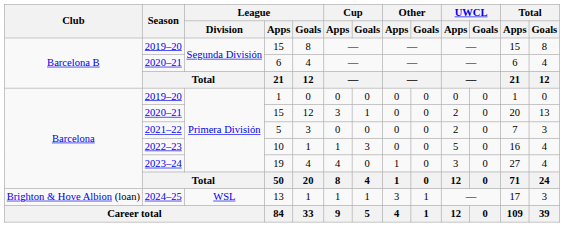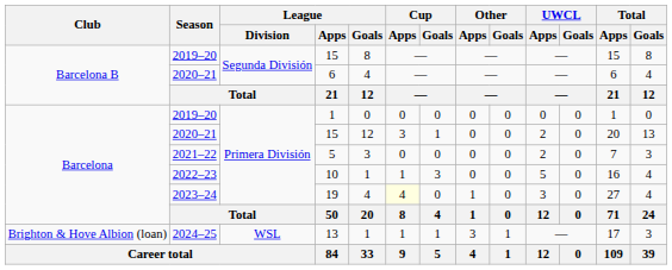 <table class="wikitable" style="text-align: center;">
 <tr>
 <th rowspan="2">Club</th>
 <th rowspan="2">Season</th>
 <th colspan="3">League</th>
 <th colspan="2">Cup</th>
 <th colspan="2">Other</th>
 <th colspan="2"><a href='#'>UWCL</a></th>
 <th colspan="2">Total</th>
 </tr>
 <tr>
 <th>Division</th>
 <th>Apps</th>
 <th>Goals</th>
 <th>Apps</th>
 <th>Goals</th>
 <th>Apps</th>
 <th>Goals</th>
 <th>Apps</th>
 <th>Goals</th>
 <th>Apps</th>
 <th>Goals</th>
 </tr>
 <tr>
 <td rowspan="3" valign="center"><a href='#'>Barcelona B</a></td>
 <td><a href='#'>2019–20</a></td>
 <td rowspan="2" valign="center"><a href='#'>Segunda División</a></td>
 <td>15</td>
 <td>8</td>
 <td colspan="2">—</td>
 <td colspan="2">—</td>
 <td colspan="2">—</td>
 <td>15</td>
 <td>8</td>
 </tr>
 <tr>
 <td><a href='#'>2020–21</a></td>
 <td>6</td>
 <td>4</td>
 <td colspan="2">—</td>
 <td colspan="2">—</td>
 <td colspan="2">—</td>
 <td>6</td>
 <td>4</td>
 </tr>
 <tr>
 <th colspan="2">Total</th>
 <th>21</th>
 <th>12</th>
 <th colspan="2">—</th>
 <th colspan="2">—</th>
 <th colspan="2">—</th>
 <th>21</th>
 <th>12</th>
 </tr>
 <tr>
 <td rowspan="6" valign="center"><a href='#'>Barcelona</a></td>
 <td><a href='#'>2019–20</a></td>
 <td rowspan="5" valign="center"><a href='#'>Primera División</a></td>
 <td>1</td>
 <td>0</td>
 <td>0</td>
 <td>0</td>
 <td>0</td>
 <td>0</td>
 <td>0</td>
 <td>0</td>
 <td>1</td>
 <td>0</td>
 </tr>
 <tr>
 <td><a href='#'>2020–21</a></td>
 <td>15</td>
 <td>12</td>
 <td>3</td>
 <td>1</td>
 <td>0</td>
 <td>0</td>
 <td>2</td>
 <td>0</td>
 <td>20</td>
 <td>13</td>
 </tr>
 <tr>
 <td><a href='#'>2021–22</a></td>
 <td>5</td>
 <td>3</td>
 <td>0</td>
 <td>0</td>
 <td>0</td>
 <td>0</td>
 <td>2</td>
 <td>0</td>
 <td>7</td>
 <td>3</td>
 </tr>
 <tr>
 <td><a href='#'>2022–23</a></td>
 <td>10</td>
 <td>1</td>
 <td>1</td>
 <td>3</td>
 <td>0</td>
 <td>0</td>
 <td>5</td>
 <td>0</td>
 <td>16</td>
 <td>4</td>
 </tr>
 <tr>
 <td><a href='#'>2023–24</a></td>
 <td>19</td>
 <td>4</td>
-<td>4</td>
+<td style="background: lightyellow;">4</td>
 <td>0</td>
 <td>1</td>
 <td>0</td>
 <td>3</td>
 <td>0</td>
 <td>27</td>
 <td>4</td>
 </tr>
 <tr>
 <th colspan="2">Total</th>
 <th>50</th>
 <th>20</th>
 <th>8</th>
 <th>4</th>
 <th>1</th>
 <th>0</th>
 <th>12</th>
 <th>0</th>
 <th>71</th>
 <th>24</th>
 </tr>
 <tr>
 <td><a href='#'>Brighton & Hove Albion</a> (loan)</td>
 <td><a href='#'>2024–25</a></td>
 <td><a href='#'>WSL</a></td>
 <td>13</td>
 <td>1</td>
 <td>1</td>
 <td>1</td>
 <td>3</td>
 <td>1</td>
 <td colspan="2">—</td>
 <td>17</td>
 <td>3</td>
 </tr>
 <tr>
 <th colspan="3">Career total</th>
 <th>84</th>
 <th>33</th>
 <th>9</th>
 <th>5</th>
 <th>4</th>
 <th>1</th>
 <th>12</th>
 <th>0</th>
 <th>109</th>
 <th>39</th>
 </tr>
 </table>
